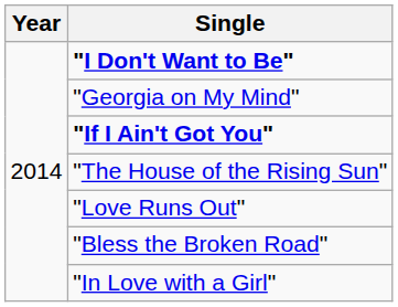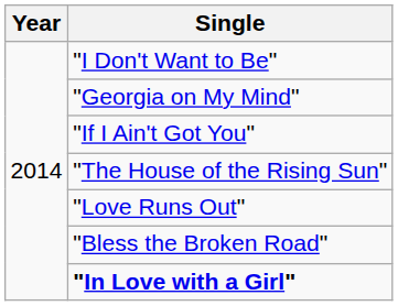 <table class="wikitable" style="text-align:center;">
 <tr>
 <th rowspan="1">Year</th>
 <th rowspan="1">Single</th>
 </tr>
 <tr>
 <td rowspan="7">2014</td>
-<td align="left"><strong>"<a href='#'>I Don't Want to Be</a>"</strong></td>
+<td align="left">"<a href='#'>I Don't Want to Be</a>"</td>
 </tr>
 <tr>
 <td align="left">"<a href='#'>Georgia on My Mind</a>"</td>
 </tr>
 <tr>
-<td align="left"><strong>"<a href='#'>If I Ain't Got You</a>"</strong></td>
+<td align="left">"<a href='#'>If I Ain't Got You</a>"</td>
 </tr>
 <tr>
 <td align="left">"<a href='#'>The House of the Rising Sun</a>"</td>
 </tr>
 <tr>
 <td align="left">"<a href='#'>Love Runs Out</a>"</td>
 </tr>
 <tr>
 <td align="left">"<a href='#'>Bless the Broken Road</a>"</td>
 </tr>
 <tr>
-<td align="left">"<a href='#'>In Love with a Girl</a>"</td>
+<td align="left"><strong>"<a href='#'>In Love with a Girl</a>"</strong></td>
 </tr>
 </table>
